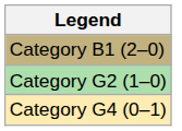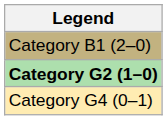 <table class="wikitable" style="font-size:85%;">
 <tr>
 <th>Legend</th>
 </tr>
 <tr bgcolor="#C2B280">
 <td>Category B1 (2–0)</td>
 </tr>
 <tr bgcolor="#ADDFAD">
-<td>Category G2 (1–0)</td>
+<td><strong>Category G2 (1–0)</strong></td>
 </tr>
 <tr bgcolor="#ffecb2">
 <td>Category G4 (0–1)</td>
 </tr>
 </table>
